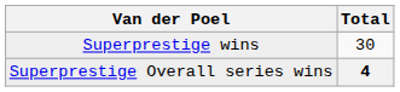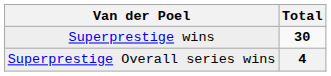 <table class="wikitable plainrowheaders">
 <tr>
 <th scope="col">Van der Poel</th>
 <th scope="col">Total</th>
 </tr>
 <tr style="text-align:center;">
 <td style="background:#eeeeee"><a href='#'>Superprestige</a> wins</td>
-<td>30</td>
+<td><strong>30</strong></td>
 </tr>
 <tr style="text-align:center;">
 <td style="background:#eeeeee"><a href='#'>Superprestige</a> Overall series wins</td>
 <th>4</th>
 </tr>
 </table>
